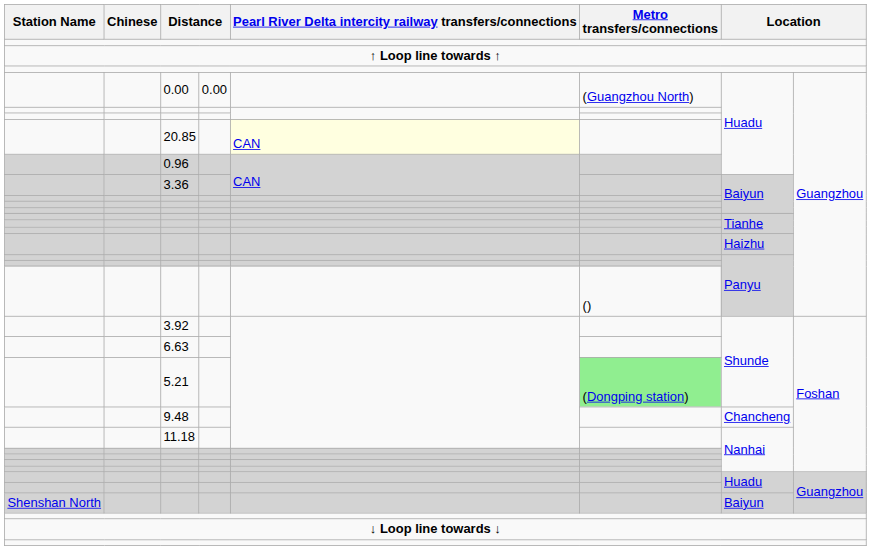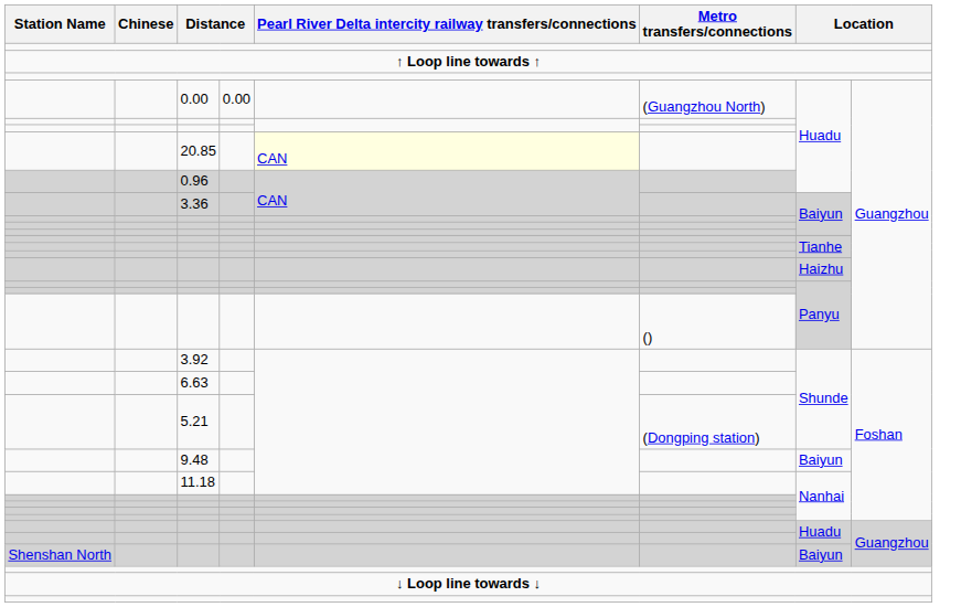 <table class="wikitable">
 <tr>
 <th>Station Name</th>
 <th>Chinese</th>
 <th colspan="2">Distance<br></th>
 <th><a href='#'>Pearl River Delta intercity railway</a> transfers/connections</th>
 <th><a href='#'>Metro</a><br>transfers/connections</th>
 <th colspan="2">Location</th>
 </tr>
 <tr style="background:#">
 <td colspan = "8"></td>
 </tr>
 <tr>
 <td colspan = "8" align= "center"><strong>↑ Loop line towards  ↑</strong></td>
 </tr>
 <tr style="background:#">
 <td colspan = "8"></td>
 </tr>
 <tr>
 <td></td>
 <td></td>
 <td>0.00</td>
 <td>0.00</td>
 <td><br></td>
 <td>  <br>(<a href='#'>Guangzhou North</a>)</td>
 <td rowspan="5"><a href='#'>Huadu</a></td>
 <td rowspan="16"><a href='#'>Guangzhou</a></td>
 </tr>
 <tr>
 <td></td>
 <td></td>
 <td></td>
 <td></td>
 <td rowspan=2></td>
 <td> </td>
 </tr>
 <tr>
 <td></td>
 <td></td>
 <td></td>
 <td></td>
 <td></td>
 </tr>
 <tr>
 <td><br></td>
 <td></td>
 <td>20.85</td>
 <td></td>
 <td style="background: lightyellow;"><br> <a href='#'>CAN</a></td>
 <td>  </td>
 </tr>
 <tr bgcolor="lightgrey">
 <td><br></td>
 <td></td>
 <td>0.96</td>
 <td></td>
 <td rowspan=2><br> <a href='#'>CAN</a></td>
 <td>  </td>
 </tr>
 <tr bgcolor="lightgrey">
 <td><br></td>
 <td></td>
 <td>3.36</td>
 <td></td>
 <td> </td>
 <td rowspan="4"><a href='#'>Baiyun</a></td>
 </tr>
 <tr bgcolor="lightgrey">
 <td></td>
 <td></td>
 <td></td>
 <td></td>
 <td></td>
 <td> </td>
 </tr>
 <tr bgcolor="lightgrey">
 <td></td>
 <td></td>
 <td></td>
 <td></td>
 <td></td>
 <td></td>
 </tr>
 <tr bgcolor="lightgrey">
 <td></td>
 <td></td>
 <td></td>
 <td></td>
 <td></td>
 <td></td>
 </tr>
 <tr bgcolor="lightgrey">
 <td></td>
 <td></td>
 <td></td>
 <td></td>
 <td></td>
 <td> </td>
 <td rowspan="3"><a href='#'>Tianhe</a></td>
 </tr>
 <tr bgcolor="lightgrey">
 <td></td>
 <td></td>
 <td></td>
 <td></td>
 <td></td>
 <td></td>
 </tr>
 <tr bgcolor="lightgrey">
 <td></td>
 <td></td>
 <td></td>
 <td></td>
 <td></td>
 <td> </td>
 </tr>
 <tr bgcolor="lightgrey">
 <td></td>
 <td></td>
 <td></td>
 <td></td>
 <td></td>
 <td>   </td>
 <td><a href='#'>Haizhu</a></td>
 </tr>
 <tr bgcolor="lightgrey">
 <td></td>
 <td></td>
 <td></td>
 <td></td>
 <td></td>
 <td></td>
 <td rowspan="3"><a href='#'>Panyu</a></td>
 </tr>
 <tr bgcolor="lightgrey">
 <td></td>
 <td></td>
 <td></td>
 <td></td>
 <td></td>
 <td> </td>
 </tr>
 <tr>
 <td></td>
 <td></td>
 <td></td>
 <td></td>
 <td> <br> </td>
 <td>   <br> <br> ()</td>
 </tr>
 <tr>
 <td></td>
 <td></td>
 <td>3.92</td>
 <td></td>
 <td rowspan=5></td>
 <td> </td>
 <td rowspan="3"><a href='#'>Shunde</a></td>
 <td rowspan="9"><a href='#'>Foshan</a></td>
 </tr>
 <tr>
 <td></td>
 <td></td>
 <td>6.63</td>
 <td></td>
 <td> </td>
 </tr>
 <tr>
 <td></td>
 <td></td>
 <td>5.21</td>
 <td></td>
-<td style="background: lightgreen;">  <br>  <br>(<a href='#'>Dongping station</a>)</td>
+<td>  <br>  <br>(<a href='#'>Dongping station</a>)</td>
 </tr>
 <tr>
 <td></td>
 <td></td>
 <td>9.48</td>
 <td></td>
 <td> </td>
-<td><a href='#'>Chancheng</a></td>
+<td><a href='#'>Baiyun</a></td>
 </tr>
 <tr>
 <td> </td>
 <td></td>
 <td>11.18</td>
 <td></td>
 <td>  </td>
 <td rowspan="5"><a href='#'>Nanhai</a></td>
 </tr>
 <tr bgcolor="lightgrey">
 <td></td>
 <td></td>
 <td></td>
 <td></td>
 <td></td>
 <td></td>
 </tr>
 <tr bgcolor="lightgrey">
 <td></td>
 <td></td>
 <td></td>
 <td></td>
 <td></td>
 <td></td>
 </tr>
 <tr bgcolor="lightgrey">
 <td></td>
 <td></td>
 <td></td>
 <td></td>
 <td></td>
 <td></td>
 </tr>
 <tr bgcolor="lightgrey">
 <td></td>
 <td></td>
 <td></td>
 <td></td>
 <td></td>
 <td></td>
 </tr>
 <tr bgcolor="lightgrey">
 <td></td>
 <td></td>
 <td></td>
 <td></td>
 <td></td>
 <td></td>
 <td rowspan="2"><a href='#'>Huadu</a></td>
 <td rowspan="3"><a href='#'>Guangzhou</a></td>
 </tr>
 <tr bgcolor="lightgrey">
 <td></td>
 <td></td>
 <td></td>
 <td></td>
 <td></td>
 <td></td>
 </tr>
 <tr bgcolor="lightgrey">
 <td><a href='#'>Shenshan North</a></td>
 <td></td>
 <td></td>
 <td></td>
 <td></td>
 <td></td>
 <td><a href='#'>Baiyun</a></td>
 </tr>
 <tr style="background:#">
 <td colspan = "8"></td>
 </tr>
 <tr>
 <td colspan = "8" align= "center"><strong>↓ Loop line towards  ↓</strong></td>
 </tr>
 <tr style="background:#">
 <td colspan = "8"></td>
 </tr>
 </table>
